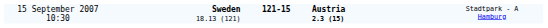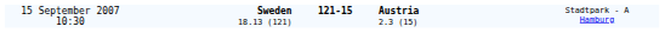 <table style="width: 100%; background:#F5FAFF;" cellspacing="0">
 <tr>
 <td align=center rowspan=3 width=20%>15 September 2007<br>10:30</td>
 </tr>
 <tr>
 <td width=24% align=right><strong>Sweden</strong></td>
 <td align=center width=13%><strong>121-15</strong></td>
 <td width=24%><strong>Austria</strong></td>
 <td style=font-size:85% rowspan=3 valign=top align=center>Stadtpark - A <br><a href='#'>Hamburg</a></td>
 </tr>
 <tr style=font-size:85%>
 <td align=right>18.13 (121)</td>
 <td align=center></td>
-<td><strong>2.3 (15)</strong></td>
+<td>2.3 (15)</td>
 </tr>
 </table>
